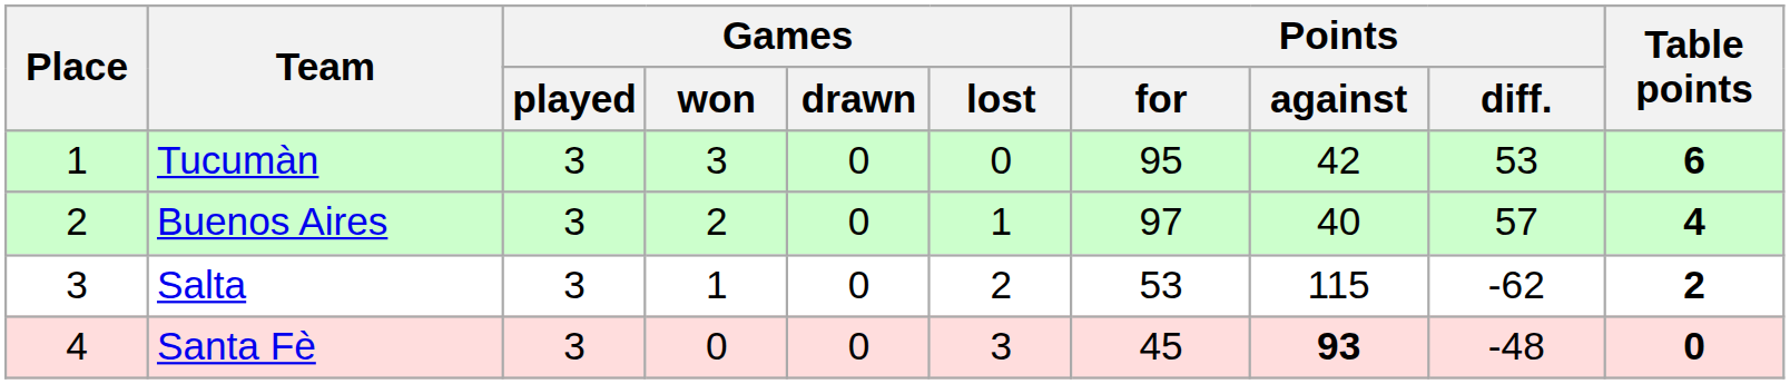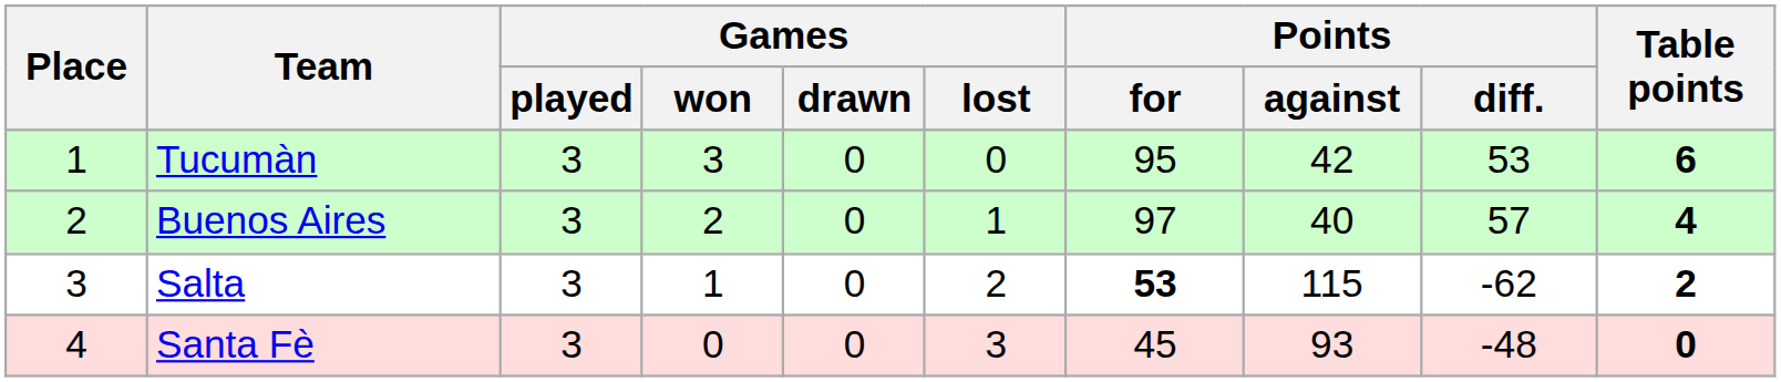 <table class="wikitable">
 <tr>
 <th rowspan=2 width="8%">Place</th>
 <th rowspan=2 width="20%">Team</th>
 <th colspan=4 width="32%">Games</th>
 <th colspan=3 width="30%">Points</th>
 <th rowspan=2 width="10%">Table<br>points</th>
 </tr>
 <tr>
 <th width="8%">played</th>
 <th width="8%">won</th>
 <th width="8%">drawn</th>
 <th width="8%">lost</th>
 <th width="10%">for</th>
 <th width="10%">against</th>
 <th width="10%">diff.</th>
 </tr>
 <tr align=center style="background: #ccffcc;">
 <td>1</td>
 <td align=left><a href='#'>Tucumàn</a></td>
 <td>3</td>
 <td>3</td>
 <td>0</td>
 <td>0</td>
 <td>95</td>
 <td>42</td>
 <td>53</td>
 <td><strong>6</strong></td>
 </tr>
 <tr align=center style="background: #ccffcc;">
 <td>2</td>
 <td align=left><a href='#'>Buenos Aires</a></td>
 <td>3</td>
 <td>2</td>
 <td>0</td>
 <td>1</td>
 <td>97</td>
 <td>40</td>
 <td>57</td>
 <td><strong>4</strong></td>
 </tr>
 <tr align=center style="background: #ffffff;">
 <td>3</td>
 <td align=left><a href='#'>Salta</a></td>
 <td>3</td>
 <td>1</td>
 <td>0</td>
 <td>2</td>
-<td>53</td>
+<td><strong>53</strong></td>
 <td>115</td>
 <td>-62</td>
 <td><strong>2</strong></td>
 </tr>
 <tr align=center style="background: #ffdddd;">
 <td>4</td>
 <td align=left><a href='#'>Santa Fè</a></td>
 <td>3</td>
 <td>0</td>
 <td>0</td>
 <td>3</td>
 <td>45</td>
-<td><strong>93</strong></td>
+<td>93</td>
 <td>-48</td>
 <td><strong>0</strong></td>
 </tr>
 </table>
